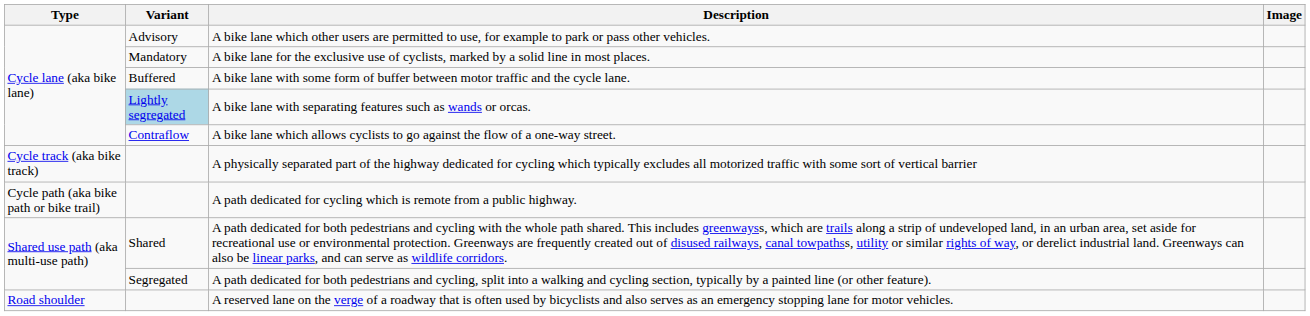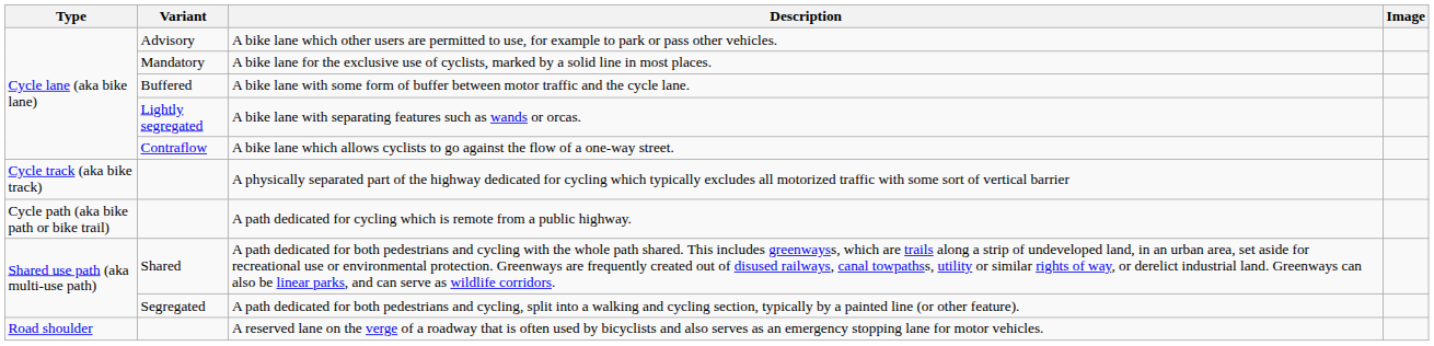 <table class="wikitable">
 <tr>
 <th>Type</th>
 <th>Variant</th>
 <th>Description</th>
 <th>Image</th>
 </tr>
 <tr>
 <td rowspan="5"><a href='#'>Cycle lane</a> (aka bike lane)</td>
 <td>Advisory</td>
 <td>A bike lane which other users are permitted to use, for example to park or pass other vehicles.</td>
 <td></td>
 </tr>
 <tr>
 <td>Mandatory</td>
 <td>A bike lane for the exclusive use of cyclists, marked by a solid line in most places.</td>
 <td></td>
 </tr>
 <tr>
 <td>Buffered</td>
 <td>A bike lane with some form of buffer between motor traffic and the cycle lane.</td>
 <td></td>
 </tr>
 <tr>
-<td style="background: lightblue;"><a href='#'>Lightly segregated</a></td>
+<td><a href='#'>Lightly segregated</a></td>
 <td>A bike lane with separating features such as <a href='#'>wands</a> or orcas.</td>
 <td></td>
 </tr>
 <tr>
 <td><a href='#'>Contraflow</a></td>
 <td>A bike lane which allows cyclists to go against the flow of a one-way street.</td>
 <td></td>
 </tr>
 <tr>
 <td><a href='#'>Cycle track</a> (aka bike track)</td>
 <td></td>
 <td>A physically separated part of the highway dedicated for cycling which typically excludes all motorized traffic with some sort of vertical barrier</td>
 <td></td>
 </tr>
 <tr>
 <td>Cycle path (aka bike path or bike trail)</td>
 <td></td>
 <td>A path dedicated for cycling which is remote from a public highway.</td>
 <td></td>
 </tr>
 <tr>
 <td rowspan="2"><a href='#'>Shared use path</a> (aka multi-use path)</td>
 <td>Shared</td>
 <td>A path dedicated for both pedestrians and cycling with the whole path shared. This includes <a href='#'>greenways</a>s, which are <a href='#'>trails</a> along a strip of undeveloped land, in an urban area, set aside for recreational use or environmental protection. Greenways are frequently created out of <a href='#'>disused railways</a>, <a href='#'>canal towpaths</a>s, <a href='#'>utility</a> or similar <a href='#'>rights of way</a>, or derelict industrial land. Greenways can also be <a href='#'>linear parks</a>, and can serve as <a href='#'>wildlife corridors</a>.</td>
 <td></td>
 </tr>
 <tr>
 <td>Segregated</td>
 <td>A path dedicated for both pedestrians and cycling, split into a walking and cycling section, typically by a painted line (or other feature).</td>
 <td></td>
 </tr>
 <tr>
 <td><a href='#'>Road shoulder</a></td>
 <td></td>
 <td>A reserved lane on the <a href='#'>verge</a> of a roadway that is often used by bicyclists and also serves as an emergency stopping lane for motor vehicles.</td>
 <td></td>
 </tr>
 </table>
